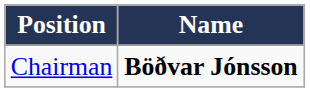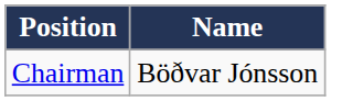 <table class="wikitable plainrowheaders unsortable">
 <tr>
 <th style="background:#243456; color:#FFFFFF;">Position</th>
 <th style="background:#243456; color:#FFFFFF;">Name</th>
 </tr>
 <tr>
 <td><a href='#'>Chairman</a></td>
-<td><strong> Böðvar Jónsson</strong></td>
+<td> Böðvar Jónsson</td>
 </tr>
 </table>
